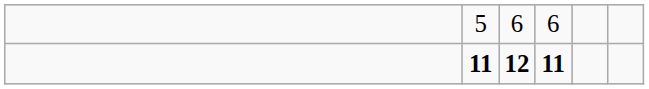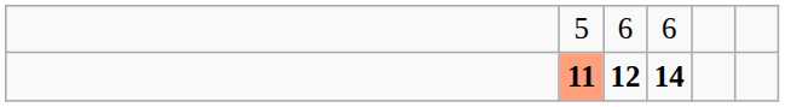 <table class="wikitable">
 <tr>
 <td style="width:18em"></td>
 <td align=center style="width:1em">5</td>
 <td align=center style="width:1em">6</td>
 <td align=center style="width:1em">6</td>
 <td align=center style="width:1em"></td>
 <td align=center style="width:1em"></td>
 </tr>
 <tr>
 <td style="width:18em"><strong> </strong></td>
-<td align=center style="width:1em"><strong>11</strong></td>
+<td align=center style="background: lightsalmon; width:1em"><strong>11</strong></td>
 <td align=center style="width:1em"><strong>12</strong></td>
-<td align=center style="width:1em"><strong>11</strong></td>
+<td align=center style="width:1em"><strong>14</strong></td>
 <td align=center style="width:1em"></td>
 <td align=center style="width:1em"></td>
 </tr>
 </table>
